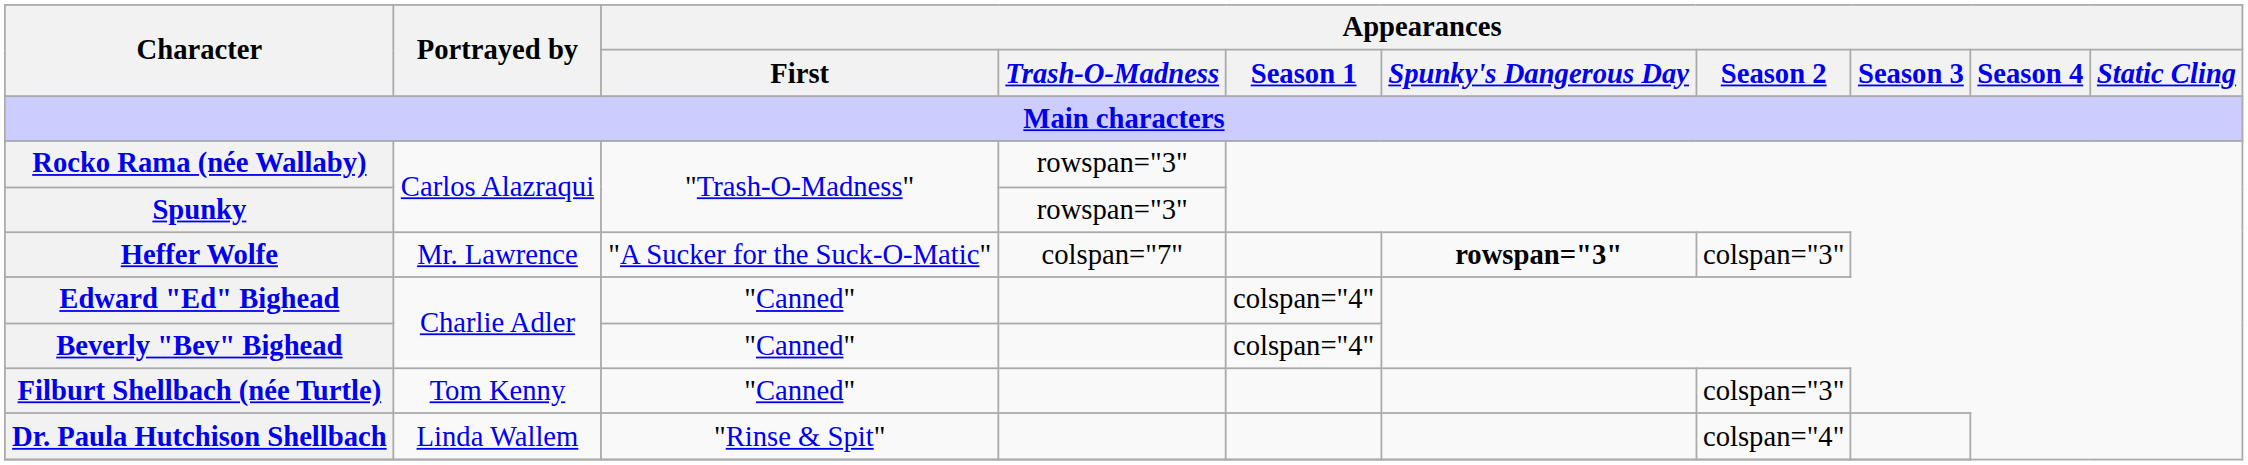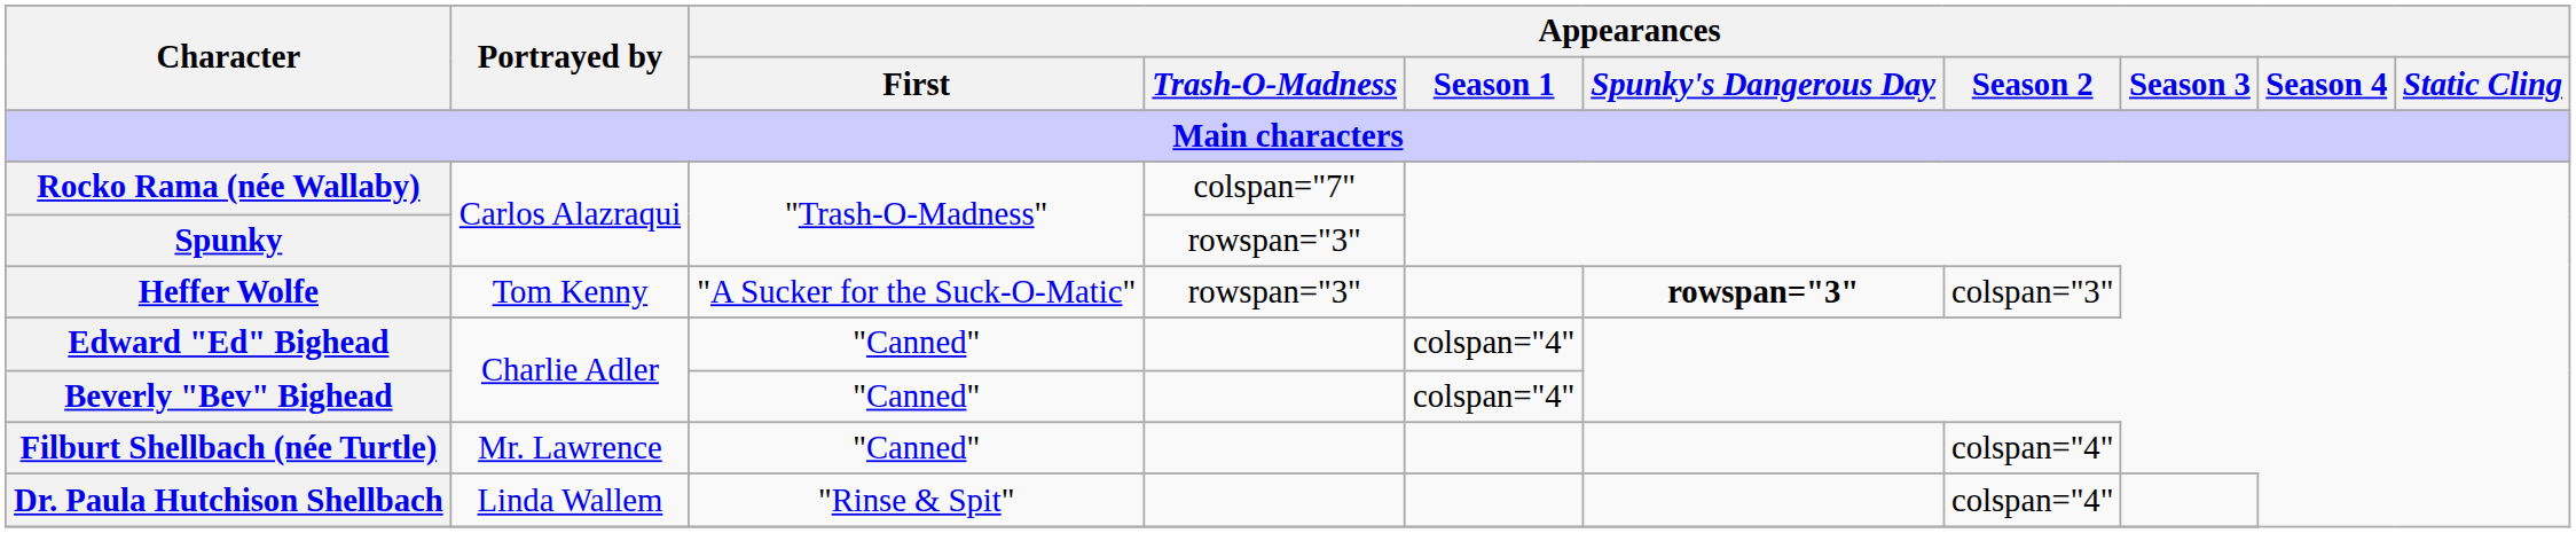 <table class="wikitable" style="text-align:center; width:99%">
 <tr>
 <th scope="col" rowspan="2">Character</th>
 <th scope="col" rowspan="2">Portrayed by</th>
 <th scope="col" colspan="8">Appearances</th>
 </tr>
 <tr>
 <th scope="col">First</th>
 <th scope="col"><em><a href='#'>Trash-O-Madness</a></em></th>
 <th scope="col"><a href='#'>Season 1</a></th>
 <th scope="col"><a href='#'><em>Spunky's Dangerous Day</em></a></th>
 <th scope="col"><a href='#'>Season 2</a></th>
 <th scope="col"><a href='#'>Season 3</a></th>
 <th scope="col"><a href='#'>Season 4</a></th>
 <th scope="col"><a href='#'><em>Static Cling</em></a></th>
 </tr>
 <tr>
 <th colspan="10" style="background-color:#ccccff;"><a href='#'>Main characters</a></th>
 </tr>
 <tr>
 <th scope="row"><a href='#'>Rocko Rama (née Wallaby)</a></th>
 <td rowspan="2"><a href='#'>Carlos Alazraqui</a></td>
 <td rowspan="2">"<a href='#'>Trash-O-Madness</a>"</td>
-<td>rowspan="3" </td>
+<td>colspan="7" </td>
 </tr>
 <tr>
 <th scope="row"><a href='#'>Spunky</a></th>
 <td>rowspan="3" </td>
 </tr>
 <tr>
 <th scope="row"><a href='#'>Heffer Wolfe</a></th>
-<td><a href='#'>Mr. Lawrence</a></td>
+<td><a href='#'>Tom Kenny</a></td>
 <td>"<a href='#'>A Sucker for the Suck-O-Matic</a>"</td>
-<td>colspan="7" </td>
+<td>rowspan="3" </td>
 <td></td>
 <td><strong>rowspan="3" </strong></td>
 <td>colspan="3" </td>
 </tr>
 <tr>
 <th scope="row"><a href='#'>Edward "Ed" Bighead</a></th>
 <td rowspan="2"><a href='#'>Charlie Adler</a></td>
 <td>"<a href='#'>Canned</a>"</td>
 <td></td>
 <td>colspan="4" </td>
 </tr>
 <tr>
 <th scope="row"><a href='#'>Beverly "Bev" Bighead</a></th>
 <td>"<a href='#'>Canned</a>"</td>
 <td></td>
 <td>colspan="4" </td>
 </tr>
 <tr>
 <th scope="row"><a href='#'>Filburt Shellbach (née Turtle)</a></th>
-<td><a href='#'>Tom Kenny</a></td>
+<td><a href='#'>Mr. Lawrence</a></td>
 <td>"<a href='#'>Canned</a>"</td>
 <td></td>
 <td></td>
 <td></td>
-<td>colspan="3" </td>
+<td>colspan="4" </td>
 </tr>
 <tr>
 <th scope="row"><a href='#'>Dr. Paula Hutchison Shellbach</a></th>
 <td><a href='#'>Linda Wallem</a></td>
 <td>"<a href='#'>Rinse & Spit</a>"</td>
 <td></td>
 <td></td>
 <td></td>
 <td>colspan="4" </td>
 <td></td>
 </tr>
 <tr>
 </tr>
 </table>
